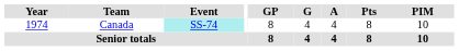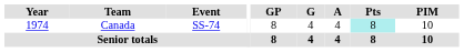 <table border="0" cellpadding="1" cellspacing="0" ID="Table3" style="text-align:center; width:40em">
 <tr bgcolor="#e0e0e0">
 <th>Year</th>
 <th>Team</th>
 <th>Event</th>
 <th rowspan="102" bgcolor="#ffffff"></th>
 <th>GP</th>
 <th>G</th>
 <th>A</th>
 <th>Pts</th>
 <th>PIM</th>
 </tr>
 <tr>
 <td><a href='#'>1974</a></td>
 <td><a href='#'>Canada</a></td>
-<td style="background: paleturquoise;"><a href='#'>SS-74</a></td>
+<td><a href='#'>SS-74</a></td>
 <td>8</td>
 <td>4</td>
 <td>4</td>
-<td>8</td>
+<td style="background: paleturquoise;">8</td>
 <td>10</td>
 </tr>
 <tr bgcolor="#e0e0e0">
 <th colspan="4">Senior totals</th>
 <th>8</th>
 <th>4</th>
 <th>4</th>
 <th>8</th>
 <th>10</th>
 </tr>
 </table>
